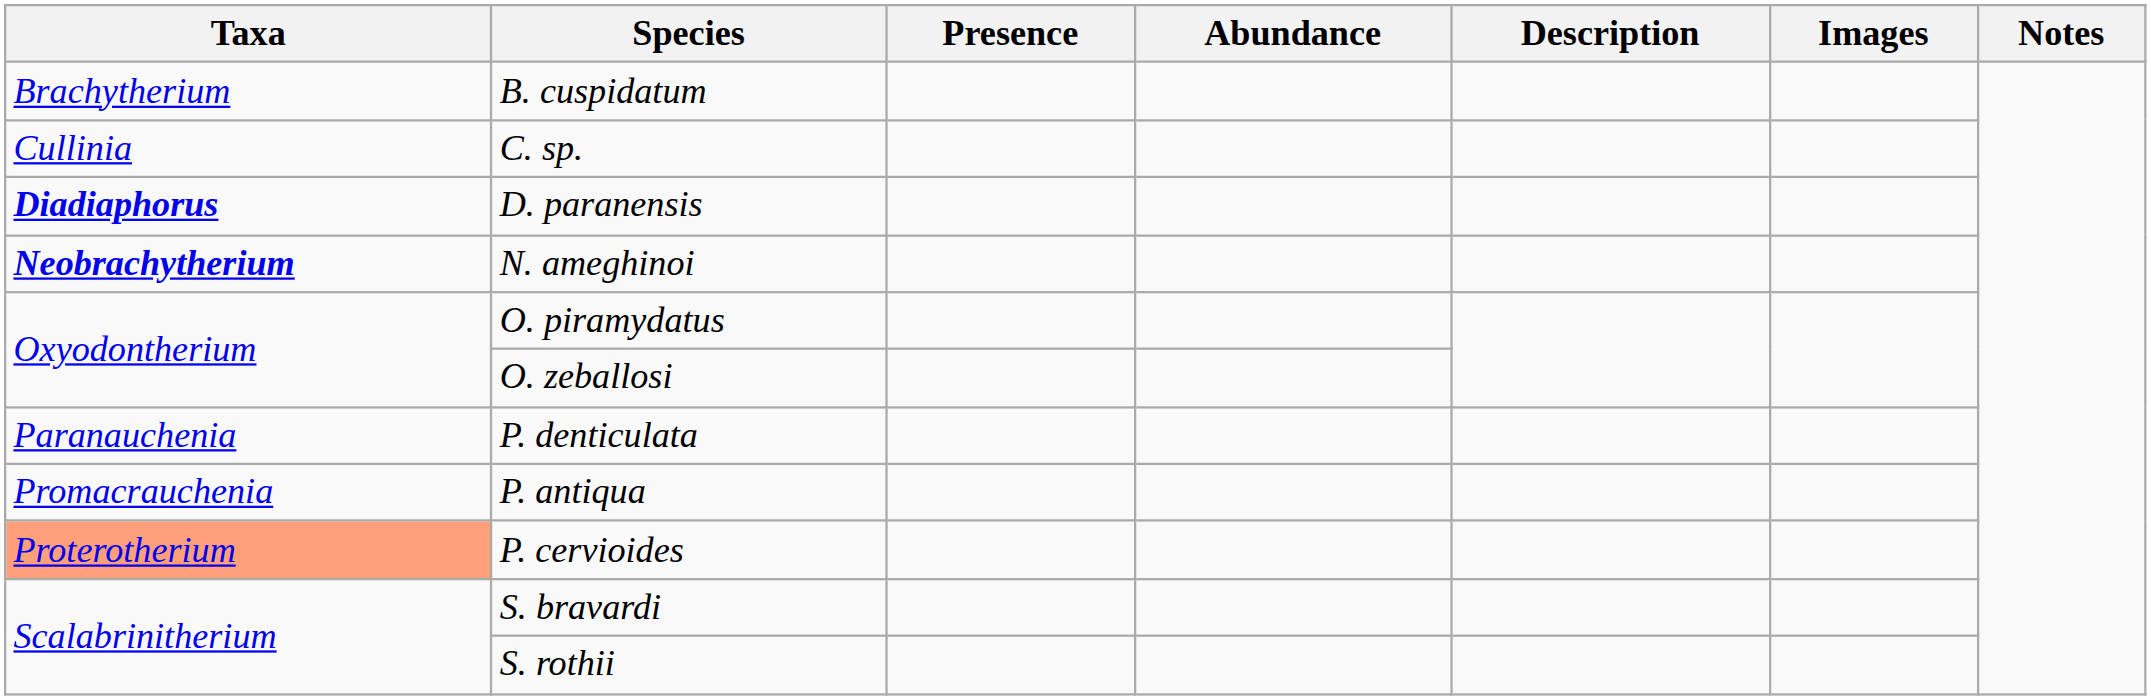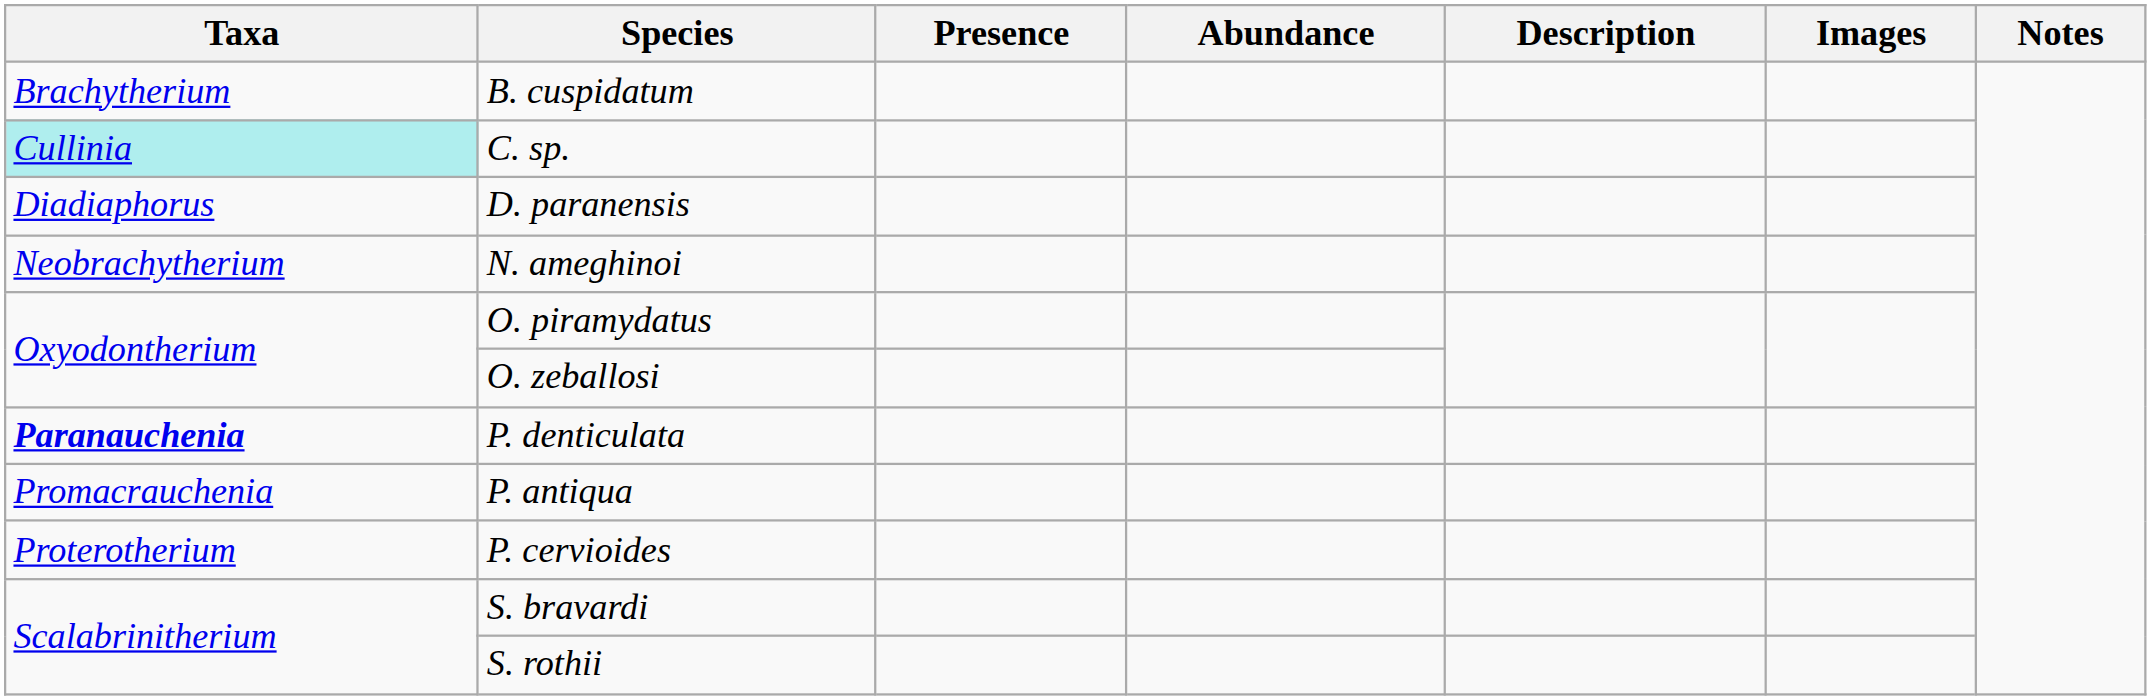 <table class="wikitable sortable" align="center" width="75%">
 <tr>
 <th>Taxa</th>
 <th>Species</th>
 <th>Presence</th>
 <th>Abundance</th>
 <th>Description</th>
 <th>Images</th>
 <th>Notes</th>
 </tr>
 <tr>
 <td><em><a href='#'>Brachytherium</a></em></td>
 <td><em>B. cuspidatum</em></td>
 <td></td>
 <td></td>
 <td></td>
 <td></td>
 <td rowspan = 100></td>
 </tr>
 <tr>
-<td><em><a href='#'>Cullinia</a></em></td>
+<td style="background: paleturquoise;"><em><a href='#'>Cullinia</a></em></td>
 <td><em>C. sp.</em></td>
 <td></td>
 <td></td>
 <td></td>
 <td></td>
 </tr>
 <tr>
-<td><strong><em><a href='#'>Diadiaphorus</a></em></strong></td>
+<td><em><a href='#'>Diadiaphorus</a></em></td>
 <td><em>D. paranensis</em></td>
 <td></td>
 <td></td>
 <td></td>
 <td></td>
 </tr>
 <tr>
-<td><strong><em><a href='#'>Neobrachytherium</a></em></strong></td>
+<td><em><a href='#'>Neobrachytherium</a></em></td>
 <td><em>N. ameghinoi</em></td>
 <td></td>
 <td></td>
 <td></td>
 <td></td>
 </tr>
 <tr>
 <td Rowspan =2><em><a href='#'>Oxyodontherium</a></em></td>
 <td><em>O. piramydatus</em></td>
 <td></td>
 <td></td>
 <td Rowspan = 2></td>
 <td rowspan =2></td>
 </tr>
 <tr>
 <td><em>O. zeballosi</em></td>
 <td></td>
 </tr>
 <tr>
-<td><em><a href='#'>Paranauchenia</a></em></td>
+<td><strong><em><a href='#'>Paranauchenia</a></em></strong></td>
 <td><em>P. denticulata</em></td>
 <td></td>
 <td></td>
 <td></td>
 <td></td>
 </tr>
 <tr>
 <td><em><a href='#'>Promacrauchenia</a></em></td>
 <td><em>P. antiqua</em></td>
 <td></td>
 <td></td>
 <td></td>
 <td></td>
 </tr>
 <tr>
-<td style="background: lightsalmon;"><em><a href='#'>Proterotherium</a></em></td>
+<td><em><a href='#'>Proterotherium</a></em></td>
 <td><em>P. cervioides</em></td>
 <td></td>
 <td></td>
 <td></td>
 <td></td>
 </tr>
 <tr>
 <td rowspan = 2><em><a href='#'>Scalabrinitherium</a></em></td>
 <td><em>S. bravardi</em></td>
 <td></td>
 <td></td>
 <td></td>
 <td></td>
 </tr>
 <tr>
 <td><em>S. rothii</em></td>
 <td></td>
 <td></td>
 <td></td>
 <td></td>
 </tr>
 </table>
